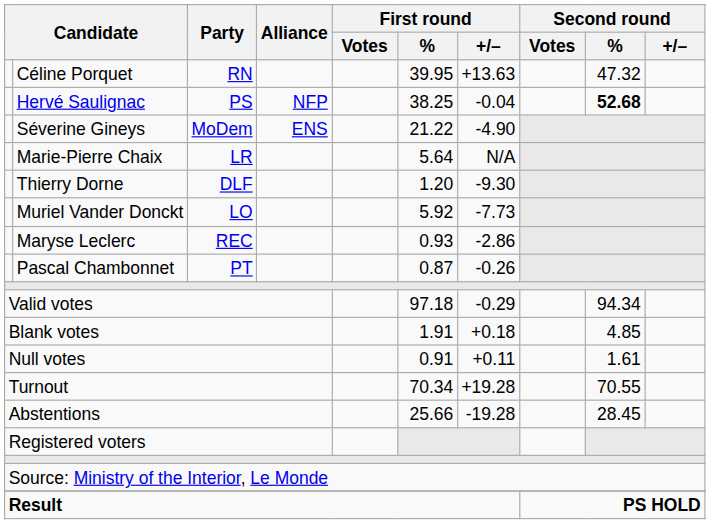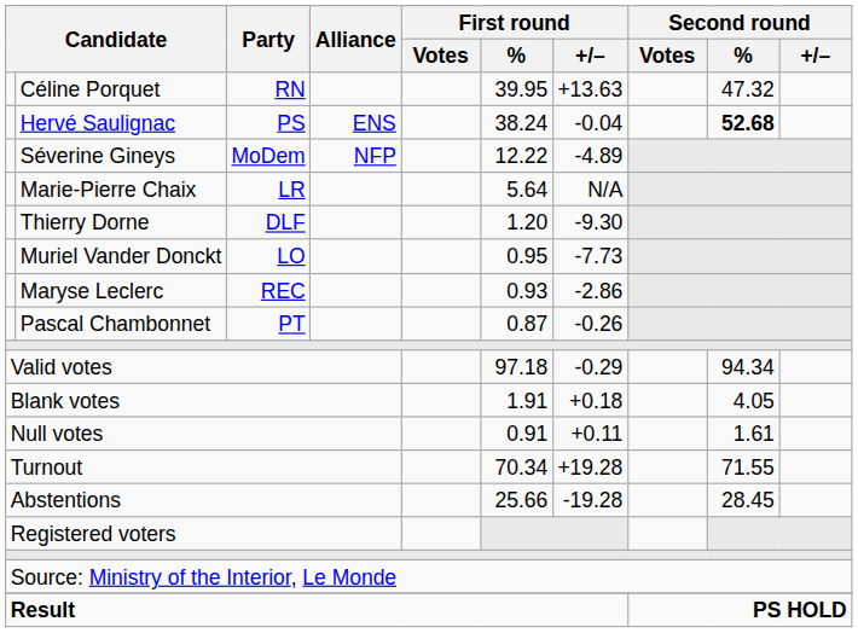 <table class="wikitable" style="text-align:right;font-size:95%;">
 <tr>
 <th rowspan="2" colspan="2">Candidate</th>
 <th rowspan="2">Party</th>
 <th rowspan="2">Alliance</th>
 <th colspan="3">First round</th>
 <th colspan="3">Second round</th>
 </tr>
 <tr>
 <th style="width:50px;">Votes</th>
 <th style="width:45px;">%</th>
 <th style="width:45px;">+/–</th>
 <th style="width:50px;">Votes</th>
 <th style="width:45px;">%</th>
 <th style="width:45px;">+/–</th>
 </tr>
 <tr>
 <td style="color:inherit;background:"></td>
 <td style="text-align:left;">Céline Porquet</td>
 <td><a href='#'>RN</a></td>
 <td></td>
 <td></td>
 <td>39.95</td>
 <td>+13.63</td>
 <td></td>
 <td>47.32</td>
 <td></td>
 </tr>
 <tr>
 <td style="color:inherit;background:"></td>
 <td style="text-align:left;"><a href='#'>Hervé Saulignac</a></td>
 <td><a href='#'>PS</a></td>
-<td><a href='#'>NFP</a></td>
+<td><a href='#'>ENS</a></td>
 <td></td>
-<td>38.25</td>
+<td>38.24</td>
 <td>-0.04</td>
 <td><strong></strong></td>
 <td><strong>52.68</strong></td>
 <td></td>
 </tr>
 <tr>
 <td style="color:inherit;background:"></td>
 <td style="text-align:left;">Séverine Gineys</td>
 <td><a href='#'>MoDem</a></td>
-<td><a href='#'>ENS</a></td>
+<td><a href='#'>NFP</a></td>
 <td></td>
-<td>21.22</td>
-<td>-4.90</td>
+<td>12.22</td>
+<td>-4.89</td>
 <td colspan="3" style="background:#E9E9E9;"></td>
 </tr>
 <tr>
 <td style="color:inherit;background:"></td>
 <td style="text-align:left;">Marie-Pierre Chaix</td>
 <td><a href='#'>LR</a></td>
 <td></td>
 <td></td>
 <td>5.64</td>
 <td>N/A</td>
 <td colspan="3" style="background:#E9E9E9;"></td>
 </tr>
 <tr>
 <td style="color:inherit;background:"></td>
 <td style="text-align:left;">Thierry Dorne</td>
 <td><a href='#'>DLF</a></td>
 <td></td>
 <td></td>
 <td>1.20</td>
 <td>-9.30</td>
 <td colspan="3" style="background:#E9E9E9;"></td>
 </tr>
 <tr>
 <td style="color:inherit;background:"></td>
 <td style="text-align:left;">Muriel Vander Donckt</td>
 <td><a href='#'>LO</a></td>
 <td></td>
 <td></td>
-<td>5.92</td>
+<td>0.95</td>
 <td>-7.73</td>
 <td colspan="3" style="background:#E9E9E9;"></td>
 </tr>
 <tr>
 <td style="color:inherit;background:"></td>
 <td style="text-align:left;">Maryse Leclerc</td>
 <td><a href='#'>REC</a></td>
 <td></td>
 <td></td>
 <td>0.93</td>
 <td>-2.86</td>
 <td colspan="3" style="background:#E9E9E9;"></td>
 </tr>
 <tr>
 <td style="color:inherit;background:"></td>
 <td style="text-align:left;">Pascal Chambonnet</td>
 <td><a href='#'>PT</a></td>
 <td></td>
 <td></td>
 <td>0.87</td>
 <td>-0.26</td>
 <td colspan="3" style="background:#E9E9E9;"></td>
 </tr>
 <tr>
 <td colspan="10" style="background:#E9E9E9;"></td>
 </tr>
 <tr>
 <td colspan="4" style="text-align:left;">Valid votes</td>
 <td></td>
 <td>97.18</td>
 <td>-0.29</td>
 <td></td>
 <td>94.34</td>
 <td></td>
 </tr>
 <tr>
 <td colspan="4" style="text-align:left;">Blank votes</td>
 <td></td>
 <td>1.91</td>
 <td>+0.18</td>
 <td></td>
-<td>4.85</td>
+<td>4.05</td>
 <td></td>
 </tr>
 <tr>
 <td colspan="4" style="text-align:left;">Null votes</td>
 <td></td>
 <td>0.91</td>
 <td>+0.11</td>
 <td></td>
 <td>1.61</td>
 <td></td>
 </tr>
 <tr>
 <td colspan="4" style="text-align:left;">Turnout</td>
 <td></td>
 <td>70.34</td>
 <td>+19.28</td>
 <td></td>
-<td>70.55</td>
+<td>71.55</td>
 <td></td>
 </tr>
 <tr>
 <td colspan="4" style="text-align:left;">Abstentions</td>
 <td></td>
 <td>25.66</td>
 <td>-19.28</td>
 <td></td>
 <td>28.45</td>
 <td></td>
 </tr>
 <tr>
 <td colspan="4" style="text-align:left;">Registered voters</td>
 <td></td>
 <td colspan="2" style="background:#E9E9E9;"></td>
 <td></td>
 <td colspan="2" style="background:#E9E9E9;"></td>
 </tr>
 <tr>
 <td colspan="10" style="background:#E9E9E9;"></td>
 </tr>
 <tr>
 <td colspan="10" style="text-align:left;">Source: <a href='#'>Ministry of the Interior</a>, <a href='#'>Le Monde</a></td>
 </tr>
 <tr>
 </tr>
 <tr style="font-weight:bold">
 <td colspan="7" style="text-align:left;">Result</td>
 <td colspan="7" style="background-color:">PS HOLD</td>
 </tr>
 </table>
